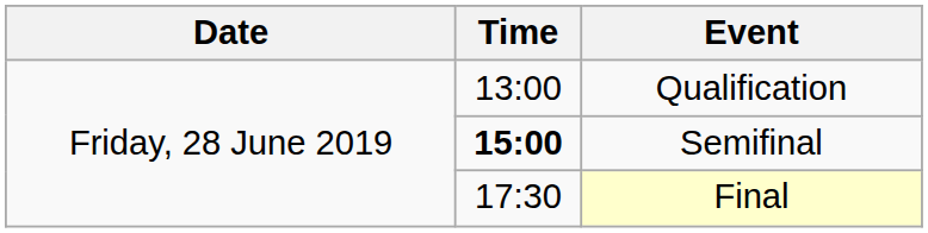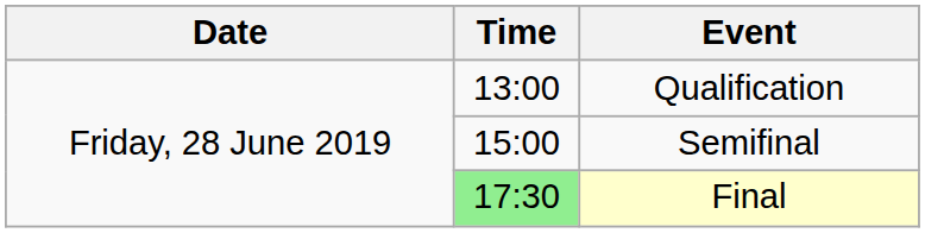 <table class = "wikitable" style="text-align:center;">
 <tr>
 <th width=200>Date</th>
 <th width=50>Time</th>
 <th width=150>Event</th>
 </tr>
 <tr>
 <td rowspan=3>Friday, 28 June 2019</td>
 <td>13:00</td>
 <td>Qualification</td>
 </tr>
 <tr>
-<td><strong>15:00</strong></td>
+<td>15:00</td>
 <td>Semifinal</td>
 </tr>
 <tr>
-<td>17:30</td>
+<td style="background: lightgreen;">17:30</td>
 <td bgcolor=ffffcc>Final</td>
 </tr>
 </table>
